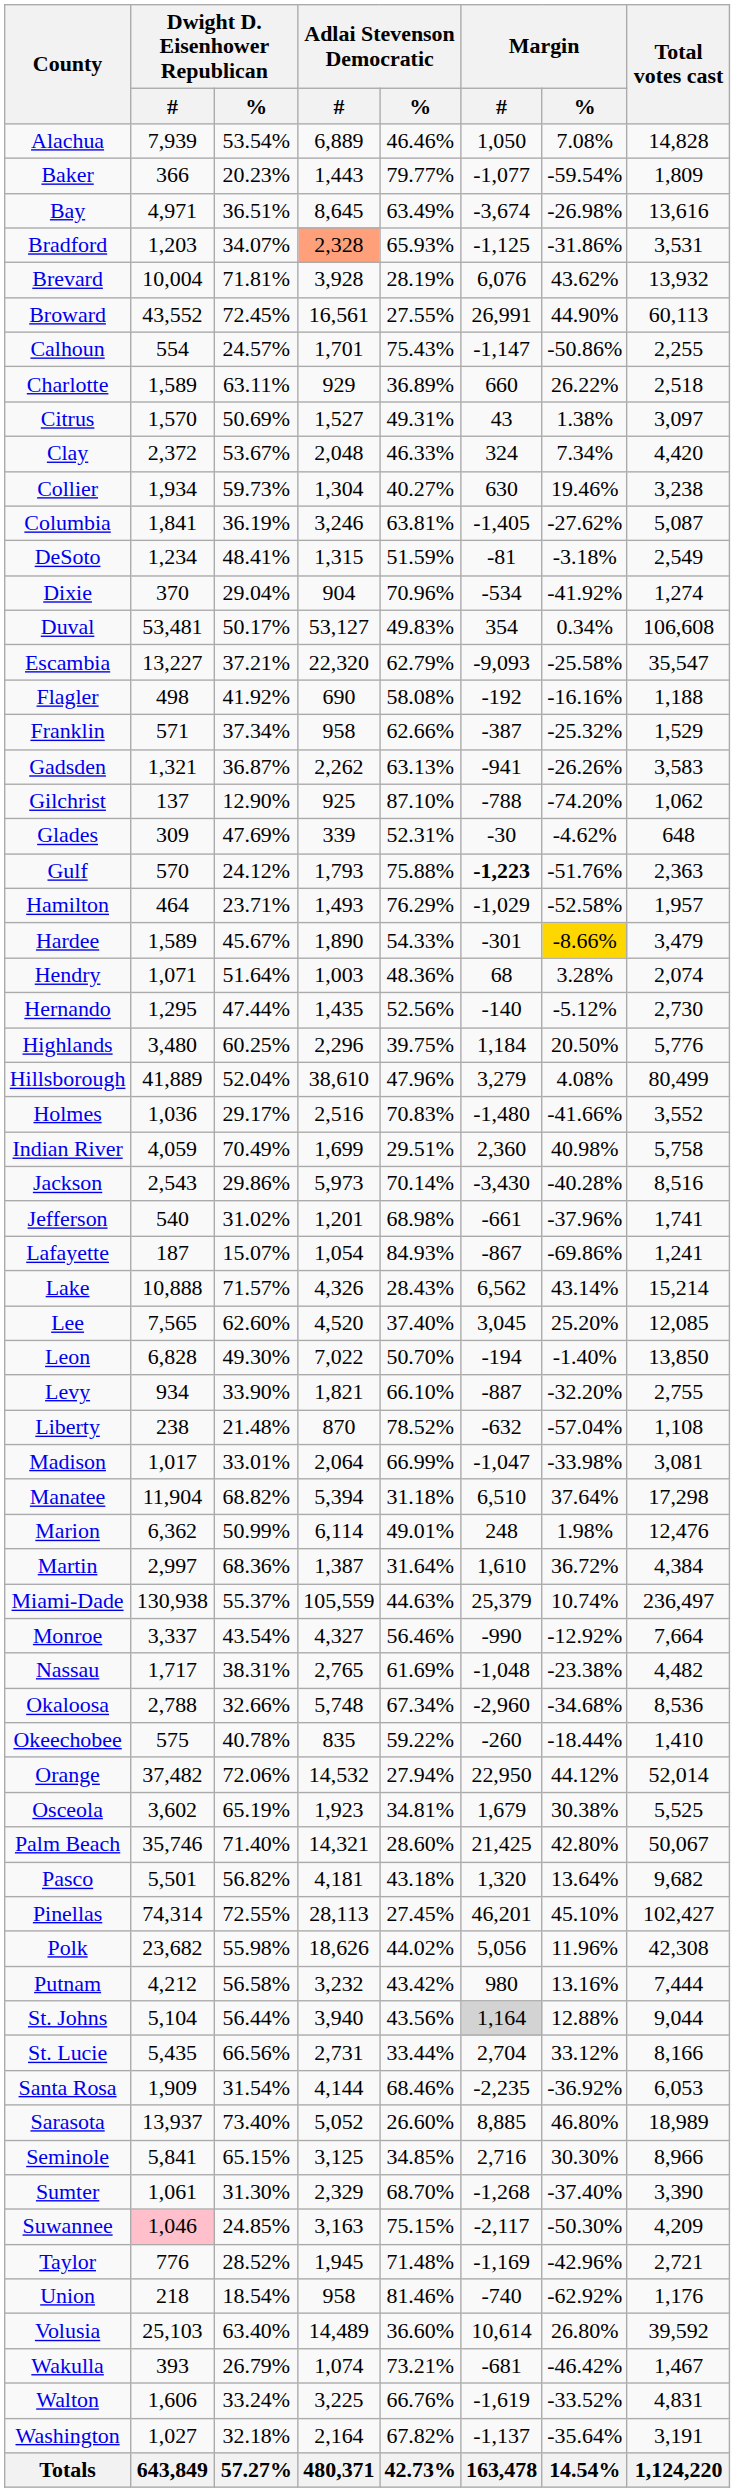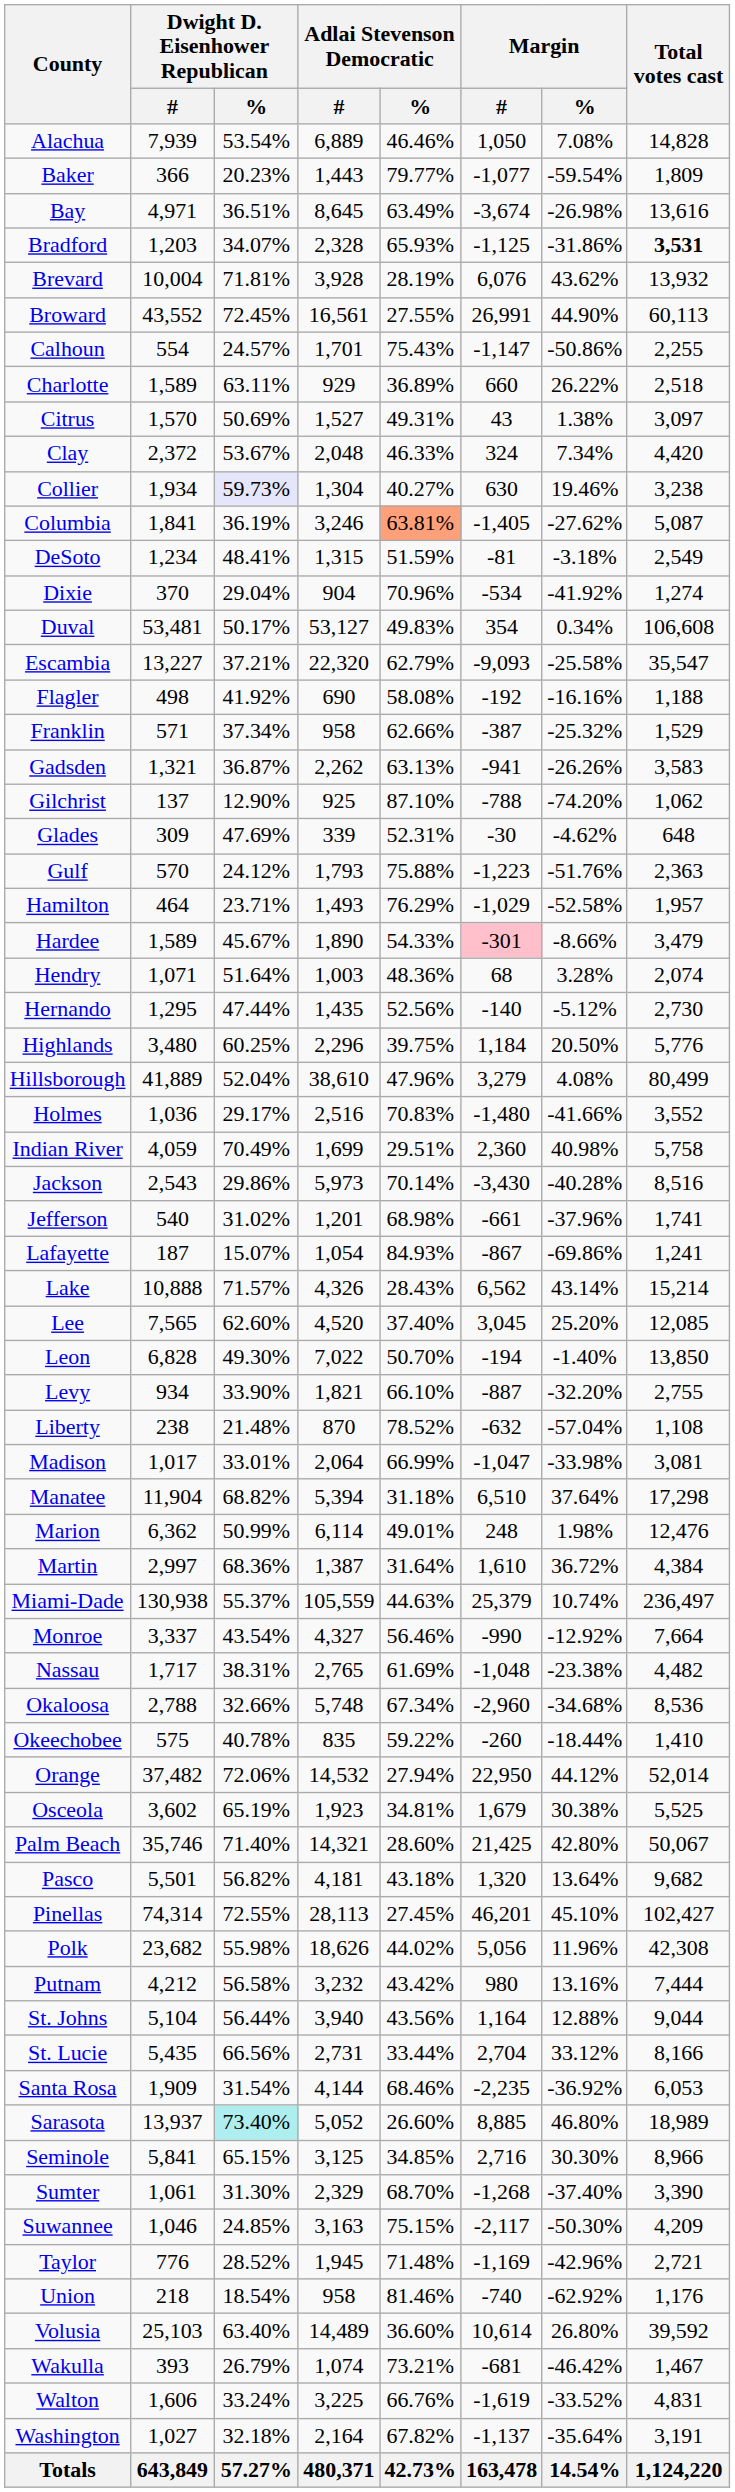 <table width="60%"  class="wikitable sortable" style="text-align:center">
 <tr>
 <th style="text-align:center;" rowspan="2">County</th>
 <th style="text-align:center;" colspan="2">Dwight D. Eisenhower<br>Republican</th>
 <th style="text-align:center;" colspan="2">Adlai Stevenson<br>Democratic</th>
 <th style="text-align:center;" colspan="2">Margin</th>
 <th style="text-align:center;" rowspan="2">Total votes cast</th>
 </tr>
 <tr>
 <th style="text-align:center;" data-sort-type="number">#</th>
 <th style="text-align:center;" data-sort-type="number">%</th>
 <th style="text-align:center;" data-sort-type="number">#</th>
 <th style="text-align:center;" data-sort-type="number">%</th>
 <th style="text-align:center;" data-sort-type="number">#</th>
 <th style="text-align:center;" data-sort-type="number">%</th>
 </tr>
 <tr style="text-align:center;">
 <td><a href='#'>Alachua</a></td>
 <td>7,939</td>
 <td>53.54%</td>
 <td>6,889</td>
 <td>46.46%</td>
 <td>1,050</td>
 <td>7.08%</td>
 <td>14,828</td>
 </tr>
 <tr style="text-align:center;">
 <td><a href='#'>Baker</a></td>
 <td>366</td>
 <td>20.23%</td>
 <td>1,443</td>
 <td>79.77%</td>
 <td>-1,077</td>
 <td>-59.54%</td>
 <td>1,809</td>
 </tr>
 <tr style="text-align:center;">
 <td><a href='#'>Bay</a></td>
 <td>4,971</td>
 <td>36.51%</td>
 <td>8,645</td>
 <td>63.49%</td>
 <td>-3,674</td>
 <td>-26.98%</td>
 <td>13,616</td>
 </tr>
 <tr style="text-align:center;">
 <td><a href='#'>Bradford</a></td>
 <td>1,203</td>
 <td>34.07%</td>
-<td style="background: lightsalmon;">2,328</td>
+<td>2,328</td>
 <td>65.93%</td>
 <td>-1,125</td>
 <td>-31.86%</td>
-<td>3,531</td>
+<td><strong>3,531</strong></td>
 </tr>
 <tr style="text-align:center;">
 <td><a href='#'>Brevard</a></td>
 <td>10,004</td>
 <td>71.81%</td>
 <td>3,928</td>
 <td>28.19%</td>
 <td>6,076</td>
 <td>43.62%</td>
 <td>13,932</td>
 </tr>
 <tr style="text-align:center;">
 <td><a href='#'>Broward</a></td>
 <td>43,552</td>
 <td>72.45%</td>
 <td>16,561</td>
 <td>27.55%</td>
 <td>26,991</td>
 <td>44.90%</td>
 <td>60,113</td>
 </tr>
 <tr style="text-align:center;">
 <td><a href='#'>Calhoun</a></td>
 <td>554</td>
 <td>24.57%</td>
 <td>1,701</td>
 <td>75.43%</td>
 <td>-1,147</td>
 <td>-50.86%</td>
 <td>2,255</td>
 </tr>
 <tr style="text-align:center;">
 <td><a href='#'>Charlotte</a></td>
 <td>1,589</td>
 <td>63.11%</td>
 <td>929</td>
 <td>36.89%</td>
 <td>660</td>
 <td>26.22%</td>
 <td>2,518</td>
 </tr>
 <tr style="text-align:center;">
 <td><a href='#'>Citrus</a></td>
 <td>1,570</td>
 <td>50.69%</td>
 <td>1,527</td>
 <td>49.31%</td>
 <td>43</td>
 <td>1.38%</td>
 <td>3,097</td>
 </tr>
 <tr style="text-align:center;">
 <td><a href='#'>Clay</a></td>
 <td>2,372</td>
 <td>53.67%</td>
 <td>2,048</td>
 <td>46.33%</td>
 <td>324</td>
 <td>7.34%</td>
 <td>4,420</td>
 </tr>
 <tr style="text-align:center;">
 <td><a href='#'>Collier</a></td>
 <td>1,934</td>
-<td>59.73%</td>
+<td style="background: lavender;">59.73%</td>
 <td>1,304</td>
 <td>40.27%</td>
 <td>630</td>
 <td>19.46%</td>
 <td>3,238</td>
 </tr>
 <tr style="text-align:center;">
 <td><a href='#'>Columbia</a></td>
 <td>1,841</td>
 <td>36.19%</td>
 <td>3,246</td>
-<td>63.81%</td>
+<td style="background: lightsalmon;">63.81%</td>
 <td>-1,405</td>
 <td>-27.62%</td>
 <td>5,087</td>
 </tr>
 <tr style="text-align:center;">
 <td><a href='#'>DeSoto</a></td>
 <td>1,234</td>
 <td>48.41%</td>
 <td>1,315</td>
 <td>51.59%</td>
 <td>-81</td>
 <td>-3.18%</td>
 <td>2,549</td>
 </tr>
 <tr style="text-align:center;">
 <td><a href='#'>Dixie</a></td>
 <td>370</td>
 <td>29.04%</td>
 <td>904</td>
 <td>70.96%</td>
 <td>-534</td>
 <td>-41.92%</td>
 <td>1,274</td>
 </tr>
 <tr style="text-align:center;">
 <td><a href='#'>Duval</a></td>
 <td>53,481</td>
 <td>50.17%</td>
 <td>53,127</td>
 <td>49.83%</td>
 <td>354</td>
 <td>0.34%</td>
 <td>106,608</td>
 </tr>
 <tr style="text-align:center;">
 <td><a href='#'>Escambia</a></td>
 <td>13,227</td>
 <td>37.21%</td>
 <td>22,320</td>
 <td>62.79%</td>
 <td>-9,093</td>
 <td>-25.58%</td>
 <td>35,547</td>
 </tr>
 <tr style="text-align:center;">
 <td><a href='#'>Flagler</a></td>
 <td>498</td>
 <td>41.92%</td>
 <td>690</td>
 <td>58.08%</td>
 <td>-192</td>
 <td>-16.16%</td>
 <td>1,188</td>
 </tr>
 <tr style="text-align:center;">
 <td><a href='#'>Franklin</a></td>
 <td>571</td>
 <td>37.34%</td>
 <td>958</td>
 <td>62.66%</td>
 <td>-387</td>
 <td>-25.32%</td>
 <td>1,529</td>
 </tr>
 <tr style="text-align:center;">
 <td><a href='#'>Gadsden</a></td>
 <td>1,321</td>
 <td>36.87%</td>
 <td>2,262</td>
 <td>63.13%</td>
 <td>-941</td>
 <td>-26.26%</td>
 <td>3,583</td>
 </tr>
 <tr style="text-align:center;">
 <td><a href='#'>Gilchrist</a></td>
 <td>137</td>
 <td>12.90%</td>
 <td>925</td>
 <td>87.10%</td>
 <td>-788</td>
 <td>-74.20%</td>
 <td>1,062</td>
 </tr>
 <tr style="text-align:center;">
 <td><a href='#'>Glades</a></td>
 <td>309</td>
 <td>47.69%</td>
 <td>339</td>
 <td>52.31%</td>
 <td>-30</td>
 <td>-4.62%</td>
 <td>648</td>
 </tr>
 <tr style="text-align:center;">
 <td><a href='#'>Gulf</a></td>
 <td>570</td>
 <td>24.12%</td>
 <td>1,793</td>
 <td>75.88%</td>
-<td><strong>-1,223</strong></td>
+<td>-1,223</td>
 <td>-51.76%</td>
 <td>2,363</td>
 </tr>
 <tr style="text-align:center;">
 <td><a href='#'>Hamilton</a></td>
 <td>464</td>
 <td>23.71%</td>
 <td>1,493</td>
 <td>76.29%</td>
 <td>-1,029</td>
 <td>-52.58%</td>
 <td>1,957</td>
 </tr>
 <tr style="text-align:center;">
 <td><a href='#'>Hardee</a></td>
 <td>1,589</td>
 <td>45.67%</td>
 <td>1,890</td>
 <td>54.33%</td>
-<td>-301</td>
-<td style="background: gold;">-8.66%</td>
+<td style="background: pink;">-301</td>
+<td>-8.66%</td>
 <td>3,479</td>
 </tr>
 <tr style="text-align:center;">
 <td><a href='#'>Hendry</a></td>
 <td>1,071</td>
 <td>51.64%</td>
 <td>1,003</td>
 <td>48.36%</td>
 <td>68</td>
 <td>3.28%</td>
 <td>2,074</td>
 </tr>
 <tr style="text-align:center;">
 <td><a href='#'>Hernando</a></td>
 <td>1,295</td>
 <td>47.44%</td>
 <td>1,435</td>
 <td>52.56%</td>
 <td>-140</td>
 <td>-5.12%</td>
 <td>2,730</td>
 </tr>
 <tr style="text-align:center;">
 <td><a href='#'>Highlands</a></td>
 <td>3,480</td>
 <td>60.25%</td>
 <td>2,296</td>
 <td>39.75%</td>
 <td>1,184</td>
 <td>20.50%</td>
 <td>5,776</td>
 </tr>
 <tr style="text-align:center;">
 <td><a href='#'>Hillsborough</a></td>
 <td>41,889</td>
 <td>52.04%</td>
 <td>38,610</td>
 <td>47.96%</td>
 <td>3,279</td>
 <td>4.08%</td>
 <td>80,499</td>
 </tr>
 <tr style="text-align:center;">
 <td><a href='#'>Holmes</a></td>
 <td>1,036</td>
 <td>29.17%</td>
 <td>2,516</td>
 <td>70.83%</td>
 <td>-1,480</td>
 <td>-41.66%</td>
 <td>3,552</td>
 </tr>
 <tr style="text-align:center;">
 <td><a href='#'>Indian River</a></td>
 <td>4,059</td>
 <td>70.49%</td>
 <td>1,699</td>
 <td>29.51%</td>
 <td>2,360</td>
 <td>40.98%</td>
 <td>5,758</td>
 </tr>
 <tr style="text-align:center;">
 <td><a href='#'>Jackson</a></td>
 <td>2,543</td>
 <td>29.86%</td>
 <td>5,973</td>
 <td>70.14%</td>
 <td>-3,430</td>
 <td>-40.28%</td>
 <td>8,516</td>
 </tr>
 <tr style="text-align:center;">
 <td><a href='#'>Jefferson</a></td>
 <td>540</td>
 <td>31.02%</td>
 <td>1,201</td>
 <td>68.98%</td>
 <td>-661</td>
 <td>-37.96%</td>
 <td>1,741</td>
 </tr>
 <tr style="text-align:center;">
 <td><a href='#'>Lafayette</a></td>
 <td>187</td>
 <td>15.07%</td>
 <td>1,054</td>
 <td>84.93%</td>
 <td>-867</td>
 <td>-69.86%</td>
 <td>1,241</td>
 </tr>
 <tr style="text-align:center;">
 <td><a href='#'>Lake</a></td>
 <td>10,888</td>
 <td>71.57%</td>
 <td>4,326</td>
 <td>28.43%</td>
 <td>6,562</td>
 <td>43.14%</td>
 <td>15,214</td>
 </tr>
 <tr style="text-align:center;">
 <td><a href='#'>Lee</a></td>
 <td>7,565</td>
 <td>62.60%</td>
 <td>4,520</td>
 <td>37.40%</td>
 <td>3,045</td>
 <td>25.20%</td>
 <td>12,085</td>
 </tr>
 <tr style="text-align:center;">
 <td><a href='#'>Leon</a></td>
 <td>6,828</td>
 <td>49.30%</td>
 <td>7,022</td>
 <td>50.70%</td>
 <td>-194</td>
 <td>-1.40%</td>
 <td>13,850</td>
 </tr>
 <tr style="text-align:center;">
 <td><a href='#'>Levy</a></td>
 <td>934</td>
 <td>33.90%</td>
 <td>1,821</td>
 <td>66.10%</td>
 <td>-887</td>
 <td>-32.20%</td>
 <td>2,755</td>
 </tr>
 <tr style="text-align:center;">
 <td><a href='#'>Liberty</a></td>
 <td>238</td>
 <td>21.48%</td>
 <td>870</td>
 <td>78.52%</td>
 <td>-632</td>
 <td>-57.04%</td>
 <td>1,108</td>
 </tr>
 <tr style="text-align:center;">
 <td><a href='#'>Madison</a></td>
 <td>1,017</td>
 <td>33.01%</td>
 <td>2,064</td>
 <td>66.99%</td>
 <td>-1,047</td>
 <td>-33.98%</td>
 <td>3,081</td>
 </tr>
 <tr style="text-align:center;">
 <td><a href='#'>Manatee</a></td>
 <td>11,904</td>
 <td>68.82%</td>
 <td>5,394</td>
 <td>31.18%</td>
 <td>6,510</td>
 <td>37.64%</td>
 <td>17,298</td>
 </tr>
 <tr style="text-align:center;">
 <td><a href='#'>Marion</a></td>
 <td>6,362</td>
 <td>50.99%</td>
 <td>6,114</td>
 <td>49.01%</td>
 <td>248</td>
 <td>1.98%</td>
 <td>12,476</td>
 </tr>
 <tr style="text-align:center;">
 <td><a href='#'>Martin</a></td>
 <td>2,997</td>
 <td>68.36%</td>
 <td>1,387</td>
 <td>31.64%</td>
 <td>1,610</td>
 <td>36.72%</td>
 <td>4,384</td>
 </tr>
 <tr style="text-align:center;">
 <td><a href='#'>Miami-Dade</a></td>
 <td>130,938</td>
 <td>55.37%</td>
 <td>105,559</td>
 <td>44.63%</td>
 <td>25,379</td>
 <td>10.74%</td>
 <td>236,497</td>
 </tr>
 <tr style="text-align:center;">
 <td><a href='#'>Monroe</a></td>
 <td>3,337</td>
 <td>43.54%</td>
 <td>4,327</td>
 <td>56.46%</td>
 <td>-990</td>
 <td>-12.92%</td>
 <td>7,664</td>
 </tr>
 <tr style="text-align:center;">
 <td><a href='#'>Nassau</a></td>
 <td>1,717</td>
 <td>38.31%</td>
 <td>2,765</td>
 <td>61.69%</td>
 <td>-1,048</td>
 <td>-23.38%</td>
 <td>4,482</td>
 </tr>
 <tr style="text-align:center;">
 <td><a href='#'>Okaloosa</a></td>
 <td>2,788</td>
 <td>32.66%</td>
 <td>5,748</td>
 <td>67.34%</td>
 <td>-2,960</td>
 <td>-34.68%</td>
 <td>8,536</td>
 </tr>
 <tr style="text-align:center;">
 <td><a href='#'>Okeechobee</a></td>
 <td>575</td>
 <td>40.78%</td>
 <td>835</td>
 <td>59.22%</td>
 <td>-260</td>
 <td>-18.44%</td>
 <td>1,410</td>
 </tr>
 <tr style="text-align:center;">
 <td><a href='#'>Orange</a></td>
 <td>37,482</td>
 <td>72.06%</td>
 <td>14,532</td>
 <td>27.94%</td>
 <td>22,950</td>
 <td>44.12%</td>
 <td>52,014</td>
 </tr>
 <tr style="text-align:center;">
 <td><a href='#'>Osceola</a></td>
 <td>3,602</td>
 <td>65.19%</td>
 <td>1,923</td>
 <td>34.81%</td>
 <td>1,679</td>
 <td>30.38%</td>
 <td>5,525</td>
 </tr>
 <tr style="text-align:center;">
 <td><a href='#'>Palm Beach</a></td>
 <td>35,746</td>
 <td>71.40%</td>
 <td>14,321</td>
 <td>28.60%</td>
 <td>21,425</td>
 <td>42.80%</td>
 <td>50,067</td>
 </tr>
 <tr style="text-align:center;">
 <td><a href='#'>Pasco</a></td>
 <td>5,501</td>
 <td>56.82%</td>
 <td>4,181</td>
 <td>43.18%</td>
 <td>1,320</td>
 <td>13.64%</td>
 <td>9,682</td>
 </tr>
 <tr style="text-align:center;">
 <td><a href='#'>Pinellas</a></td>
 <td>74,314</td>
 <td>72.55%</td>
 <td>28,113</td>
 <td>27.45%</td>
 <td>46,201</td>
 <td>45.10%</td>
 <td>102,427</td>
 </tr>
 <tr style="text-align:center;">
 <td><a href='#'>Polk</a></td>
 <td>23,682</td>
 <td>55.98%</td>
 <td>18,626</td>
 <td>44.02%</td>
 <td>5,056</td>
 <td>11.96%</td>
 <td>42,308</td>
 </tr>
 <tr style="text-align:center;">
 <td><a href='#'>Putnam</a></td>
 <td>4,212</td>
 <td>56.58%</td>
 <td>3,232</td>
 <td>43.42%</td>
 <td>980</td>
 <td>13.16%</td>
 <td>7,444</td>
 </tr>
 <tr style="text-align:center;">
 <td><a href='#'>St. Johns</a></td>
 <td>5,104</td>
 <td>56.44%</td>
 <td>3,940</td>
 <td>43.56%</td>
-<td style="background: lightgrey;">1,164</td>
+<td>1,164</td>
 <td>12.88%</td>
 <td>9,044</td>
 </tr>
 <tr style="text-align:center;">
 <td><a href='#'>St. Lucie</a></td>
 <td>5,435</td>
 <td>66.56%</td>
 <td>2,731</td>
 <td>33.44%</td>
 <td>2,704</td>
 <td>33.12%</td>
 <td>8,166</td>
 </tr>
 <tr style="text-align:center;">
 <td><a href='#'>Santa Rosa</a></td>
 <td>1,909</td>
 <td>31.54%</td>
 <td>4,144</td>
 <td>68.46%</td>
 <td>-2,235</td>
 <td>-36.92%</td>
 <td>6,053</td>
 </tr>
 <tr style="text-align:center;">
 <td><a href='#'>Sarasota</a></td>
 <td>13,937</td>
-<td>73.40%</td>
+<td style="background: paleturquoise;">73.40%</td>
 <td>5,052</td>
 <td>26.60%</td>
 <td>8,885</td>
 <td>46.80%</td>
 <td>18,989</td>
 </tr>
 <tr style="text-align:center;">
 <td><a href='#'>Seminole</a></td>
 <td>5,841</td>
 <td>65.15%</td>
 <td>3,125</td>
 <td>34.85%</td>
 <td>2,716</td>
 <td>30.30%</td>
 <td>8,966</td>
 </tr>
 <tr style="text-align:center;">
 <td><a href='#'>Sumter</a></td>
 <td>1,061</td>
 <td>31.30%</td>
 <td>2,329</td>
 <td>68.70%</td>
 <td>-1,268</td>
 <td>-37.40%</td>
 <td>3,390</td>
 </tr>
 <tr style="text-align:center;">
 <td><a href='#'>Suwannee</a></td>
-<td style="background: pink;">1,046</td>
+<td>1,046</td>
 <td>24.85%</td>
 <td>3,163</td>
 <td>75.15%</td>
 <td>-2,117</td>
 <td>-50.30%</td>
 <td>4,209</td>
 </tr>
 <tr style="text-align:center;">
 <td><a href='#'>Taylor</a></td>
 <td>776</td>
 <td>28.52%</td>
 <td>1,945</td>
 <td>71.48%</td>
 <td>-1,169</td>
 <td>-42.96%</td>
 <td>2,721</td>
 </tr>
 <tr style="text-align:center;">
 <td><a href='#'>Union</a></td>
 <td>218</td>
 <td>18.54%</td>
 <td>958</td>
 <td>81.46%</td>
 <td>-740</td>
 <td>-62.92%</td>
 <td>1,176</td>
 </tr>
 <tr style="text-align:center;">
 <td><a href='#'>Volusia</a></td>
 <td>25,103</td>
 <td>63.40%</td>
 <td>14,489</td>
 <td>36.60%</td>
 <td>10,614</td>
 <td>26.80%</td>
 <td>39,592</td>
 </tr>
 <tr style="text-align:center;">
 <td><a href='#'>Wakulla</a></td>
 <td>393</td>
 <td>26.79%</td>
 <td>1,074</td>
 <td>73.21%</td>
 <td>-681</td>
 <td>-46.42%</td>
 <td>1,467</td>
 </tr>
 <tr style="text-align:center;">
 <td><a href='#'>Walton</a></td>
 <td>1,606</td>
 <td>33.24%</td>
 <td>3,225</td>
 <td>66.76%</td>
 <td>-1,619</td>
 <td>-33.52%</td>
 <td>4,831</td>
 </tr>
 <tr style="text-align:center;">
 <td><a href='#'>Washington</a></td>
 <td>1,027</td>
 <td>32.18%</td>
 <td>2,164</td>
 <td>67.82%</td>
 <td>-1,137</td>
 <td>-35.64%</td>
 <td>3,191</td>
 </tr>
 <tr style="text-align:center;">
 <th>Totals</th>
 <th>643,849</th>
 <th>57.27%</th>
 <th>480,371</th>
 <th>42.73%</th>
 <th>163,478</th>
 <th>14.54%</th>
 <th>1,124,220</th>
 </tr>
 </table>
